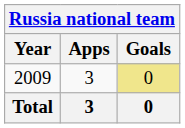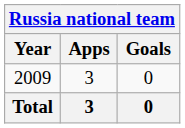 <table class="wikitable" style="text-align:center">
 <tr>
 <th colspan=3><a href='#'>Russia national team</a></th>
 </tr>
 <tr>
 <th>Year</th>
 <th>Apps</th>
 <th>Goals</th>
 </tr>
 <tr>
 <td>2009</td>
 <td>3</td>
-<td style="background: khaki;">0</td>
+<td>0</td>
 </tr>
 <tr>
 <th>Total</th>
 <th>3</th>
 <th>0</th>
 </tr>
 </table>
